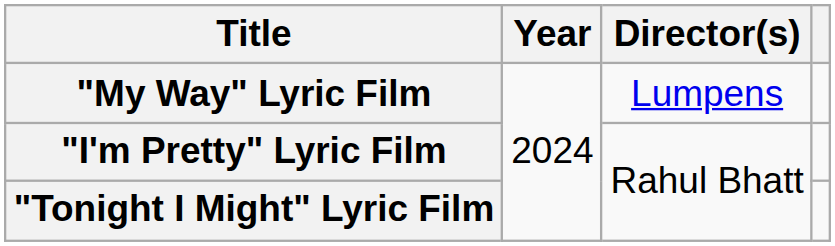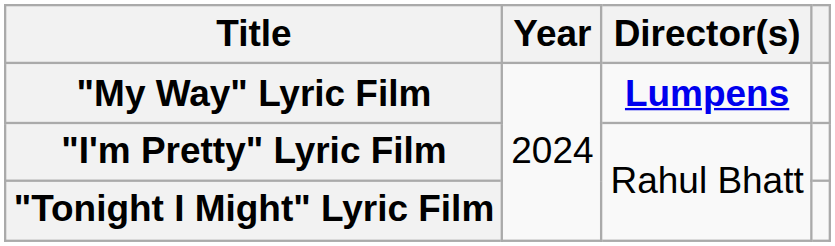 <table class="wikitable plainrowheaders" style="text-align:center">
 <tr>
 <th scope="col">Title</th>
 <th scope="col">Year</th>
 <th scope="col">Director(s)</th>
 <th scope="col"></th>
 </tr>
 <tr>
 <th scope="row">"My Way" Lyric Film</th>
 <td rowspan="3">2024</td>
-<td><a href='#'>Lumpens</a></td>
+<td><strong><a href='#'>Lumpens</a></strong></td>
 <td></td>
 </tr>
 <tr>
 <th scope="row">"I'm Pretty" Lyric Film</th>
 <td rowspan="2">Rahul Bhatt</td>
 <td></td>
 </tr>
 <tr>
 <th scope="row">"Tonight I Might" Lyric Film</th>
 <td></td>
 </tr>
 </table>
